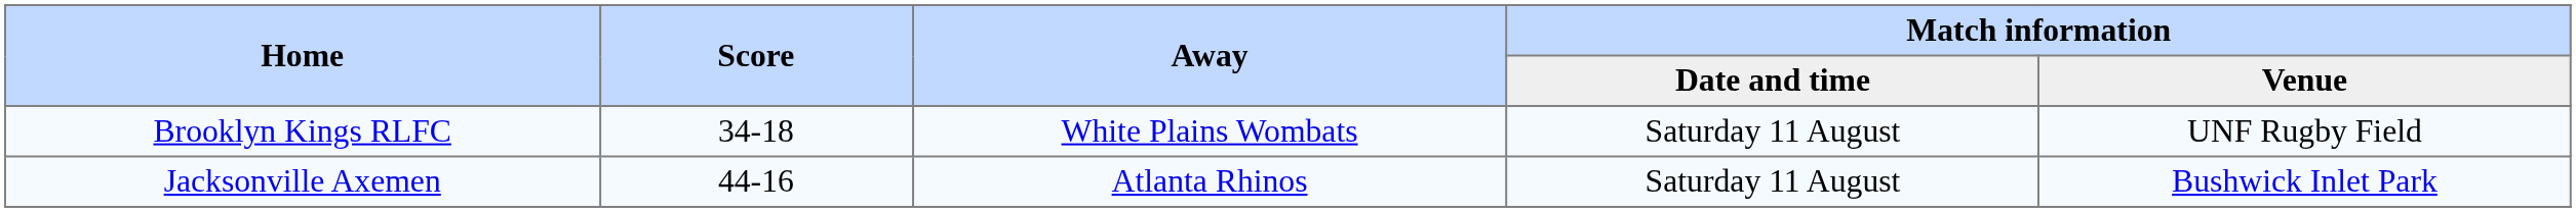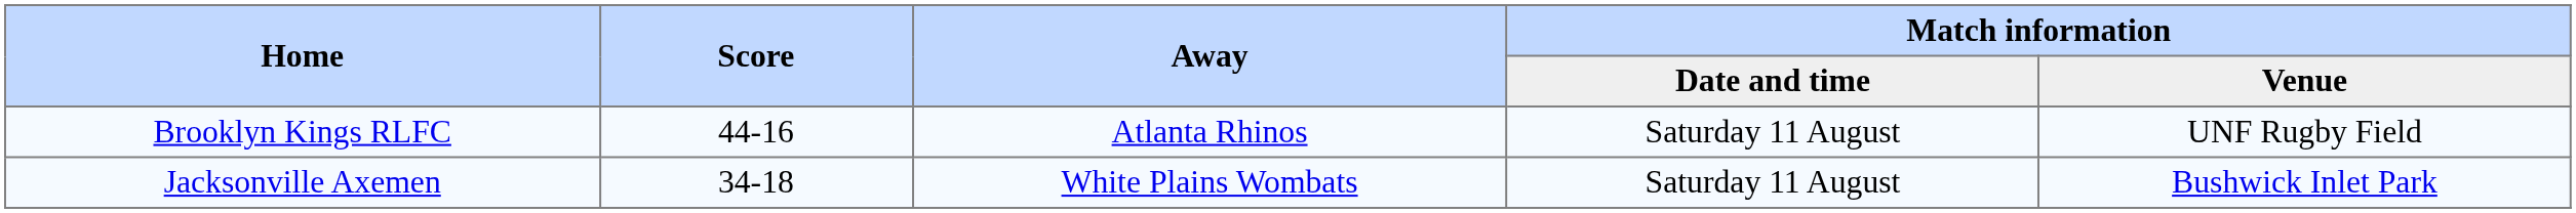 <table border="1" cellpadding="3" cellspacing="0" style="border-collapse:collapse; text-align:center; width:100%;">
 <tr style="background:#c1d8ff;">
 </tr>
 <tr style="background:#c1d8ff;">
 <th rowspan="2" style="width:19%;">Home</th>
 <th rowspan="2" style="width:10%;">Score</th>
 <th rowspan="2" style="width:19%;">Away</th>
 <th colspan=6>Match information</th>
 </tr>
 <tr style="background:#efefef;">
 <th width=17%>Date and time</th>
 <th width=17%>Venue</th>
 </tr>
 <tr style="text-align:center; background:#f5faff;">
 <td><a href='#'>Brooklyn Kings RLFC</a></td>
-<td>34-18</td>
-<td><a href='#'>White Plains Wombats</a></td>
+<td>44-16</td>
+<td><a href='#'>Atlanta Rhinos</a></td>
 <td>Saturday 11 August</td>
 <td>UNF Rugby Field</td>
 </tr>
 <tr style="text-align:center; background:#f5faff;">
 <td><a href='#'>Jacksonville Axemen</a></td>
-<td>44-16</td>
-<td><a href='#'>Atlanta Rhinos</a></td>
+<td>34-18</td>
+<td><a href='#'>White Plains Wombats</a></td>
 <td>Saturday 11 August</td>
 <td><a href='#'>Bushwick Inlet Park</a></td>
 </tr>
 <tr>
 </tr>
 </table>
